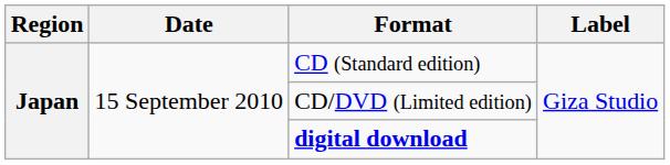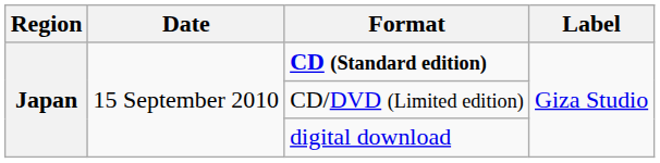 <table class="wikitable sortable plainrowheaders">
 <tr>
 <th scope="col">Region</th>
 <th scope="col">Date</th>
 <th scope="col">Format</th>
 <th scope="col">Label</th>
 </tr>
 <tr>
 <th scope="row" rowspan="3">Japan</th>
 <td rowspan="3">15 September 2010</td>
-<td><a href='#'>CD</a> <small>(Standard edition)</small></td>
+<td><strong><a href='#'>CD</a> <small>(Standard edition)</small></strong></td>
 <td rowspan="3"><a href='#'>Giza Studio</a></td>
 </tr>
 <tr>
 <td>CD/<a href='#'>DVD</a> <small>(Limited edition)</small></td>
 </tr>
 <tr>
-<td><strong><a href='#'>digital download</a></strong></td>
+<td><a href='#'>digital download</a></td>
 </tr>
 </table>
